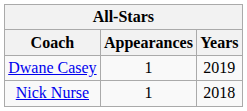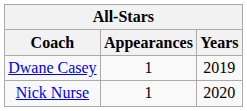 <table class="wikitable" style="text-align:center">
 <tr>
 <th colspan="3">All-Stars</th>
 </tr>
 <tr>
 <th>Coach</th>
 <th>Appearances</th>
 <th>Years</th>
 </tr>
 <tr>
 <td><a href='#'>Dwane Casey</a></td>
 <td>1</td>
 <td>2019</td>
 </tr>
 <tr>
 <td><a href='#'>Nick Nurse</a></td>
 <td>1</td>
-<td>2018</td>
+<td>2020</td>
 </tr>
 </table>
